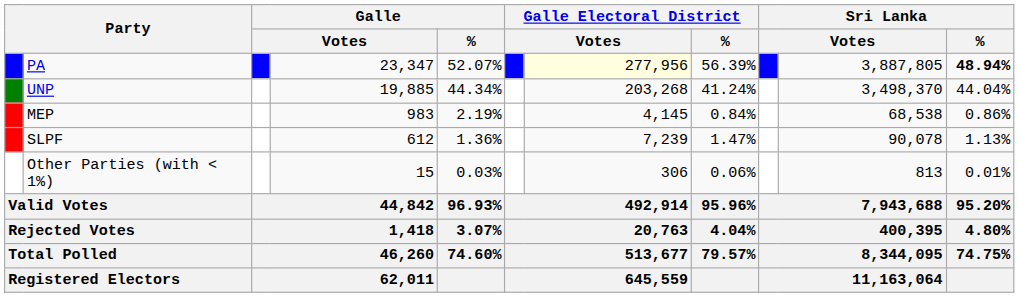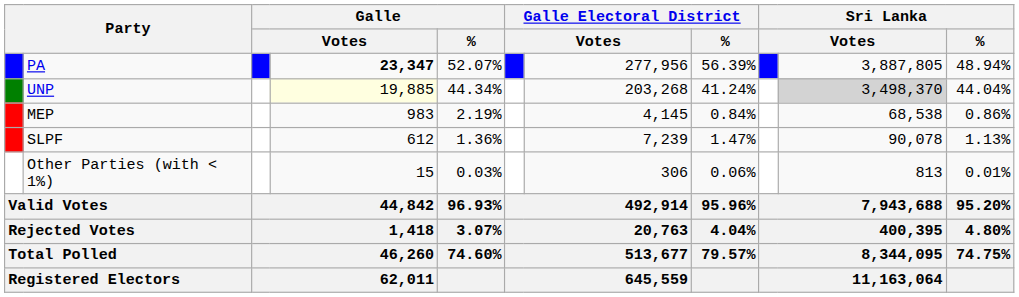 <table class="wikitable">
 <tr>
 <th colspan="2" width="144px"rowspan="2">Party</th>
 <th colspan="3" width="216px">Galle</th>
 <th colspan="3" width="216px"><a href='#'>Galle Electoral District</a></th>
 <th colspan="3" width="216px">Sri Lanka</th>
 </tr>
 <tr>
 <th colspan="2" width="144px">Votes</th>
 <th>%</th>
 <th colspan="2" width="144px">Votes</th>
 <th>%</th>
 <th colspan="2" width="144px">Votes</th>
 <th>%</th>
 </tr>
 <tr>
 <td style="background-color:blue;" width="10px"></td>
 <td style="text-align:left;"><a href='#'>PA</a></td>
 <td style="background-color:blue;" width="10px"></td>
-<td style="text-align:right;">23,347</td>
+<td style="text-align:right;"><strong>23,347</strong></td>
 <td style="text-align:right;">52.07%</td>
 <td style="background-color:blue;" width="10px"></td>
-<td style="background: lightyellow; text-align:right;">277,956</td>
+<td style="text-align:right;">277,956</td>
 <td style="text-align:right;">56.39%</td>
 <td style="background-color:blue;" width="10px"></td>
 <td style="text-align:right;">3,887,805</td>
-<td style="text-align:right;"><strong>48.94%</strong></td>
+<td style="text-align:right;">48.94%</td>
 </tr>
 <tr>
 <td style="background-color:green;" width="10px"></td>
 <td style="text-align:left;"><a href='#'>UNP</a></td>
 <td style="background-color:white;" width="10px"></td>
-<td style="text-align:right;">19,885</td>
+<td style="background: lightyellow; text-align:right;">19,885</td>
 <td style="text-align:right;">44.34%</td>
 <td style="background-color:white;" width="10px"></td>
 <td style="text-align:right;">203,268</td>
 <td style="text-align:right;">41.24%</td>
 <td style="background-color:white;" width="10px"></td>
-<td style="text-align:right;">3,498,370</td>
+<td style="background: lightgrey; text-align:right;">3,498,370</td>
 <td style="text-align:right;">44.04%</td>
 </tr>
 <tr>
 <td style="background-color:red;" width="10px"></td>
 <td style="text-align:left;">MEP</td>
 <td style="background-color:white;" width="10px"></td>
 <td style="text-align:right;">983</td>
 <td style="text-align:right;">2.19%</td>
 <td style="background-color:white;" width="10px"></td>
 <td style="text-align:right;">4,145</td>
 <td style="text-align:right;">0.84%</td>
 <td style="background-color:white;" width="10px"></td>
 <td style="text-align:right;">68,538</td>
 <td style="text-align:right;">0.86%</td>
 </tr>
 <tr>
 <td style="background-color:red;" width="10px"></td>
 <td style="text-align:left;">SLPF</td>
 <td style="background-color:white;" width="10px"></td>
 <td style="text-align:right;">612</td>
 <td style="text-align:right;">1.36%</td>
 <td style="background-color:white;" width="10px"></td>
 <td style="text-align:right;">7,239</td>
 <td style="text-align:right;">1.47%</td>
 <td style="background-color:white;" width="10px"></td>
 <td style="text-align:right;">90,078</td>
 <td style="text-align:right;">1.13%</td>
 </tr>
 <tr>
 <td style="background-color:white;" width="10px"></td>
 <td style="text-align:left;">Other Parties (with < 1%)</td>
 <td style="background-color:white;" width="10px"></td>
 <td style="text-align:right;">15</td>
 <td style="text-align:right;">0.03%</td>
 <td style="background-color:white;" width="10px"></td>
 <td style="text-align:right;">306</td>
 <td style="text-align:right;">0.06%</td>
 <td style="background-color:white;" width="10px"></td>
 <td style="text-align:right;">813</td>
 <td style="text-align:right;">0.01%</td>
 </tr>
 <tr>
 <th colspan="2" width="144px"style="text-align:left;">Valid Votes</th>
 <th style="text-align:right;"colspan="2" width="144px">44,842</th>
 <th style="text-align:right;">96.93%</th>
 <th style="text-align:right;"colspan="2" width="144px">492,914</th>
 <th style="text-align:right;">95.96%</th>
 <th style="text-align:right;"colspan="2" width="144px">7,943,688</th>
 <th style="text-align:right;">95.20%</th>
 </tr>
 <tr>
 <th colspan="2" width="144px"style="text-align:left;">Rejected Votes</th>
 <th style="text-align:right;"colspan="2" width="144px">1,418</th>
 <th style="text-align:right;">3.07%</th>
 <th style="text-align:right;"colspan="2" width="144px">20,763</th>
 <th style="text-align:right;">4.04%</th>
 <th style="text-align:right;"colspan="2" width="144px">400,395</th>
 <th style="text-align:right;">4.80%</th>
 </tr>
 <tr>
 <th colspan="2" width="144px"style="text-align:left;">Total Polled</th>
 <th style="text-align:right;"colspan="2" width="144px">46,260</th>
 <th style="text-align:right;">74.60%</th>
 <th style="text-align:right;"colspan="2" width="144px">513,677</th>
 <th style="text-align:right;">79.57%</th>
 <th style="text-align:right;"colspan="2" width="144px">8,344,095</th>
 <th style="text-align:right;">74.75%</th>
 </tr>
 <tr>
 <th colspan="2" width="144px"style="text-align:left;">Registered Electors</th>
 <th style="text-align:right;"colspan="2" width="144px">62,011</th>
 <th></th>
 <th style="text-align:right;"colspan="2" width="144px">645,559</th>
 <th></th>
 <th style="text-align:right;"colspan="2" width="144px">11,163,064</th>
 <th></th>
 </tr>
 </table>
